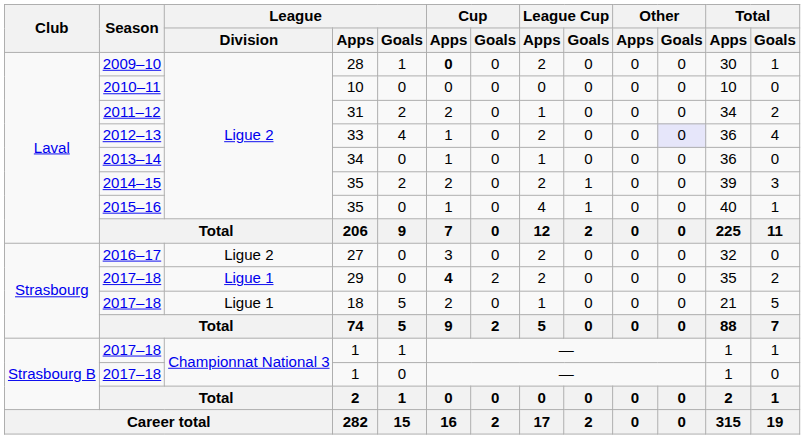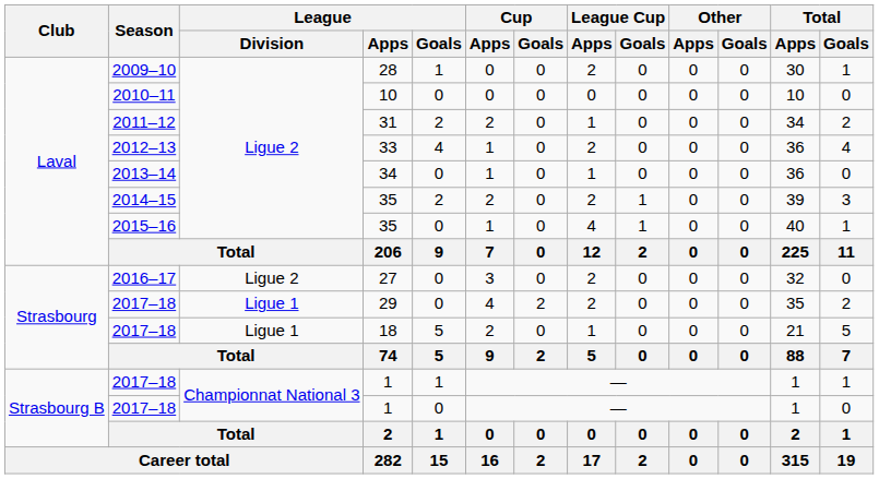 <table class="wikitable" style="text-align: center">
 <tr>
 <th rowspan="2">Club</th>
 <th rowspan="2">Season</th>
 <th colspan="3">League</th>
 <th colspan="2">Cup</th>
 <th colspan="2">League Cup</th>
 <th colspan="2">Other</th>
 <th colspan="2">Total</th>
 </tr>
 <tr>
 <th>Division</th>
 <th>Apps</th>
 <th>Goals</th>
 <th>Apps</th>
 <th>Goals</th>
 <th>Apps</th>
 <th>Goals</th>
 <th>Apps</th>
 <th>Goals</th>
 <th>Apps</th>
 <th>Goals</th>
 </tr>
 <tr>
 <td rowspan="8"><a href='#'>Laval</a></td>
 <td><a href='#'>2009–10</a></td>
 <td rowspan="7"><a href='#'>Ligue 2</a></td>
 <td>28</td>
 <td>1</td>
-<td><strong>0</strong></td>
+<td>0</td>
 <td>0</td>
 <td>2</td>
 <td>0</td>
 <td>0</td>
 <td>0</td>
 <td>30</td>
 <td>1</td>
 </tr>
 <tr>
 <td><a href='#'>2010–11</a></td>
 <td>10</td>
 <td>0</td>
 <td>0</td>
 <td>0</td>
 <td>0</td>
 <td>0</td>
 <td>0</td>
 <td>0</td>
 <td>10</td>
 <td>0</td>
 </tr>
 <tr>
 <td><a href='#'>2011–12</a></td>
 <td>31</td>
 <td>2</td>
 <td>2</td>
 <td>0</td>
 <td>1</td>
 <td>0</td>
 <td>0</td>
 <td>0</td>
 <td>34</td>
 <td>2</td>
 </tr>
 <tr>
 <td><a href='#'>2012–13</a></td>
 <td>33</td>
 <td>4</td>
 <td>1</td>
 <td>0</td>
 <td>2</td>
 <td>0</td>
 <td>0</td>
-<td style="background: lavender;">0</td>
+<td>0</td>
 <td>36</td>
 <td>4</td>
 </tr>
 <tr>
 <td><a href='#'>2013–14</a></td>
 <td>34</td>
 <td>0</td>
 <td>1</td>
 <td>0</td>
 <td>1</td>
 <td>0</td>
 <td>0</td>
 <td>0</td>
 <td>36</td>
 <td>0</td>
 </tr>
 <tr>
 <td><a href='#'>2014–15</a></td>
 <td>35</td>
 <td>2</td>
 <td>2</td>
 <td>0</td>
 <td>2</td>
 <td>1</td>
 <td>0</td>
 <td>0</td>
 <td>39</td>
 <td>3</td>
 </tr>
 <tr>
 <td><a href='#'>2015–16</a></td>
 <td>35</td>
 <td>0</td>
 <td>1</td>
 <td>0</td>
 <td>4</td>
 <td>1</td>
 <td>0</td>
 <td>0</td>
 <td>40</td>
 <td>1</td>
 </tr>
 <tr>
 <th colspan="2">Total</th>
 <th>206</th>
 <th>9</th>
 <th>7</th>
 <th>0</th>
 <th>12</th>
 <th>2</th>
 <th>0</th>
 <th>0</th>
 <th>225</th>
 <th>11</th>
 </tr>
 <tr>
 <td rowspan="4"><a href='#'>Strasbourg</a></td>
 <td><a href='#'>2016–17</a></td>
 <td>Ligue 2</td>
 <td>27</td>
 <td>0</td>
 <td>3</td>
 <td>0</td>
 <td>2</td>
 <td>0</td>
 <td>0</td>
 <td>0</td>
 <td>32</td>
 <td>0</td>
 </tr>
 <tr>
 <td><a href='#'>2017–18</a></td>
 <td><a href='#'>Ligue 1</a></td>
 <td>29</td>
 <td>0</td>
-<td><strong>4</strong></td>
+<td>4</td>
 <td>2</td>
 <td>2</td>
 <td>0</td>
 <td>0</td>
 <td>0</td>
 <td>35</td>
 <td>2</td>
 </tr>
 <tr>
 <td><a href='#'>2017–18</a></td>
 <td>Ligue 1</td>
 <td>18</td>
 <td>5</td>
 <td>2</td>
 <td>0</td>
 <td>1</td>
 <td>0</td>
 <td>0</td>
 <td>0</td>
 <td>21</td>
 <td>5</td>
 </tr>
 <tr>
 <th colspan="2">Total</th>
 <th>74</th>
 <th>5</th>
 <th>9</th>
 <th>2</th>
 <th>5</th>
 <th>0</th>
 <th>0</th>
 <th>0</th>
 <th>88</th>
 <th>7</th>
 </tr>
 <tr>
 <td rowspan="3"><a href='#'>Strasbourg B</a></td>
 <td><a href='#'>2017–18</a></td>
 <td rowspan="2"><a href='#'>Championnat National 3</a></td>
 <td>1</td>
 <td>1</td>
 <td colspan="6">—</td>
 <td>1</td>
 <td>1</td>
 </tr>
 <tr>
 <td><a href='#'>2017–18</a></td>
 <td>1</td>
 <td>0</td>
 <td colspan="6">—</td>
 <td>1</td>
 <td>0</td>
 </tr>
 <tr>
 <th colspan="2">Total</th>
 <th>2</th>
 <th>1</th>
 <th>0</th>
 <th>0</th>
 <th>0</th>
 <th>0</th>
 <th>0</th>
 <th>0</th>
 <th>2</th>
 <th>1</th>
 </tr>
 <tr>
 <th colspan="3">Career total</th>
 <th>282</th>
 <th>15</th>
 <th>16</th>
 <th>2</th>
 <th>17</th>
 <th>2</th>
 <th>0</th>
 <th>0</th>
 <th>315</th>
 <th>19</th>
 </tr>
 </table>
